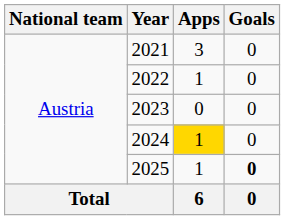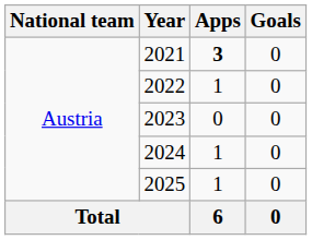 <table class="wikitable" style="text-align:center">
 <tr>
 <th>National team</th>
 <th>Year</th>
 <th>Apps</th>
 <th>Goals</th>
 </tr>
 <tr>
 <td rowspan="5"><a href='#'>Austria</a></td>
 <td>2021</td>
-<td>3</td>
+<td><strong>3</strong></td>
 <td>0</td>
 </tr>
 <tr>
 <td>2022</td>
 <td>1</td>
 <td>0</td>
 </tr>
 <tr>
 <td>2023</td>
 <td>0</td>
 <td>0</td>
 </tr>
 <tr>
 <td>2024</td>
-<td style="background: gold;">1</td>
+<td>1</td>
 <td>0</td>
 </tr>
 <tr>
 <td>2025</td>
 <td>1</td>
-<td><strong>0</strong></td>
+<td>0</td>
 </tr>
 <tr>
 <th colspan="2">Total</th>
 <th>6</th>
 <th>0</th>
 </tr>
 </table>
